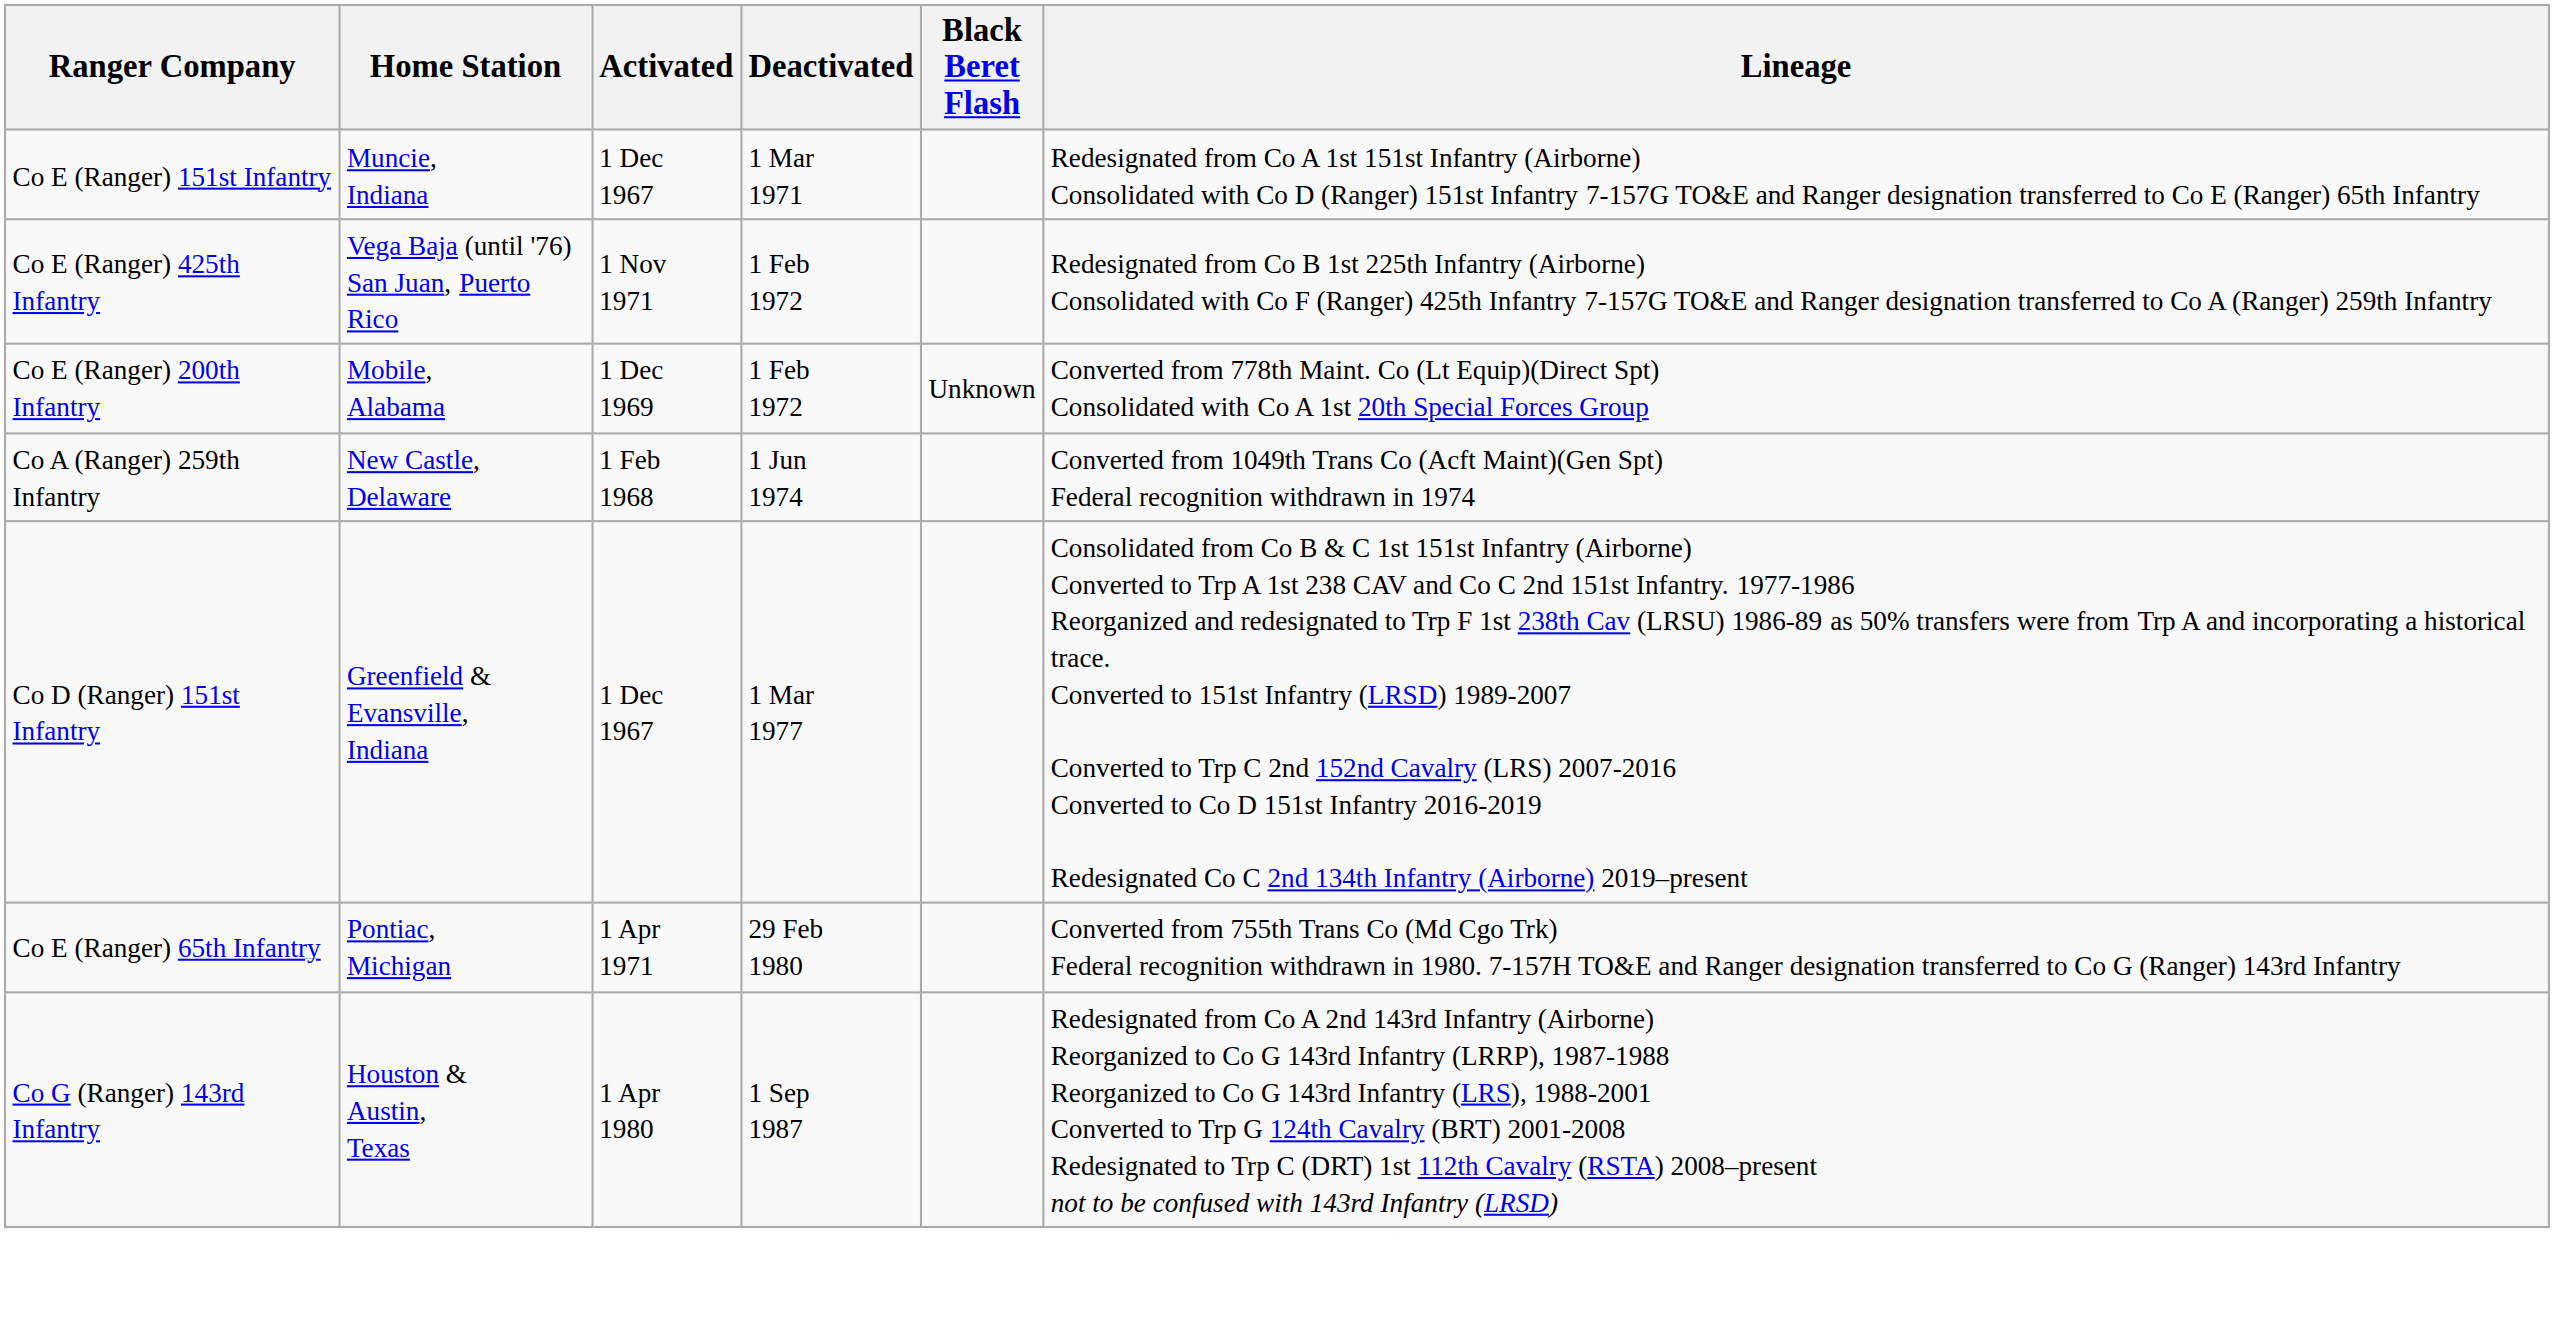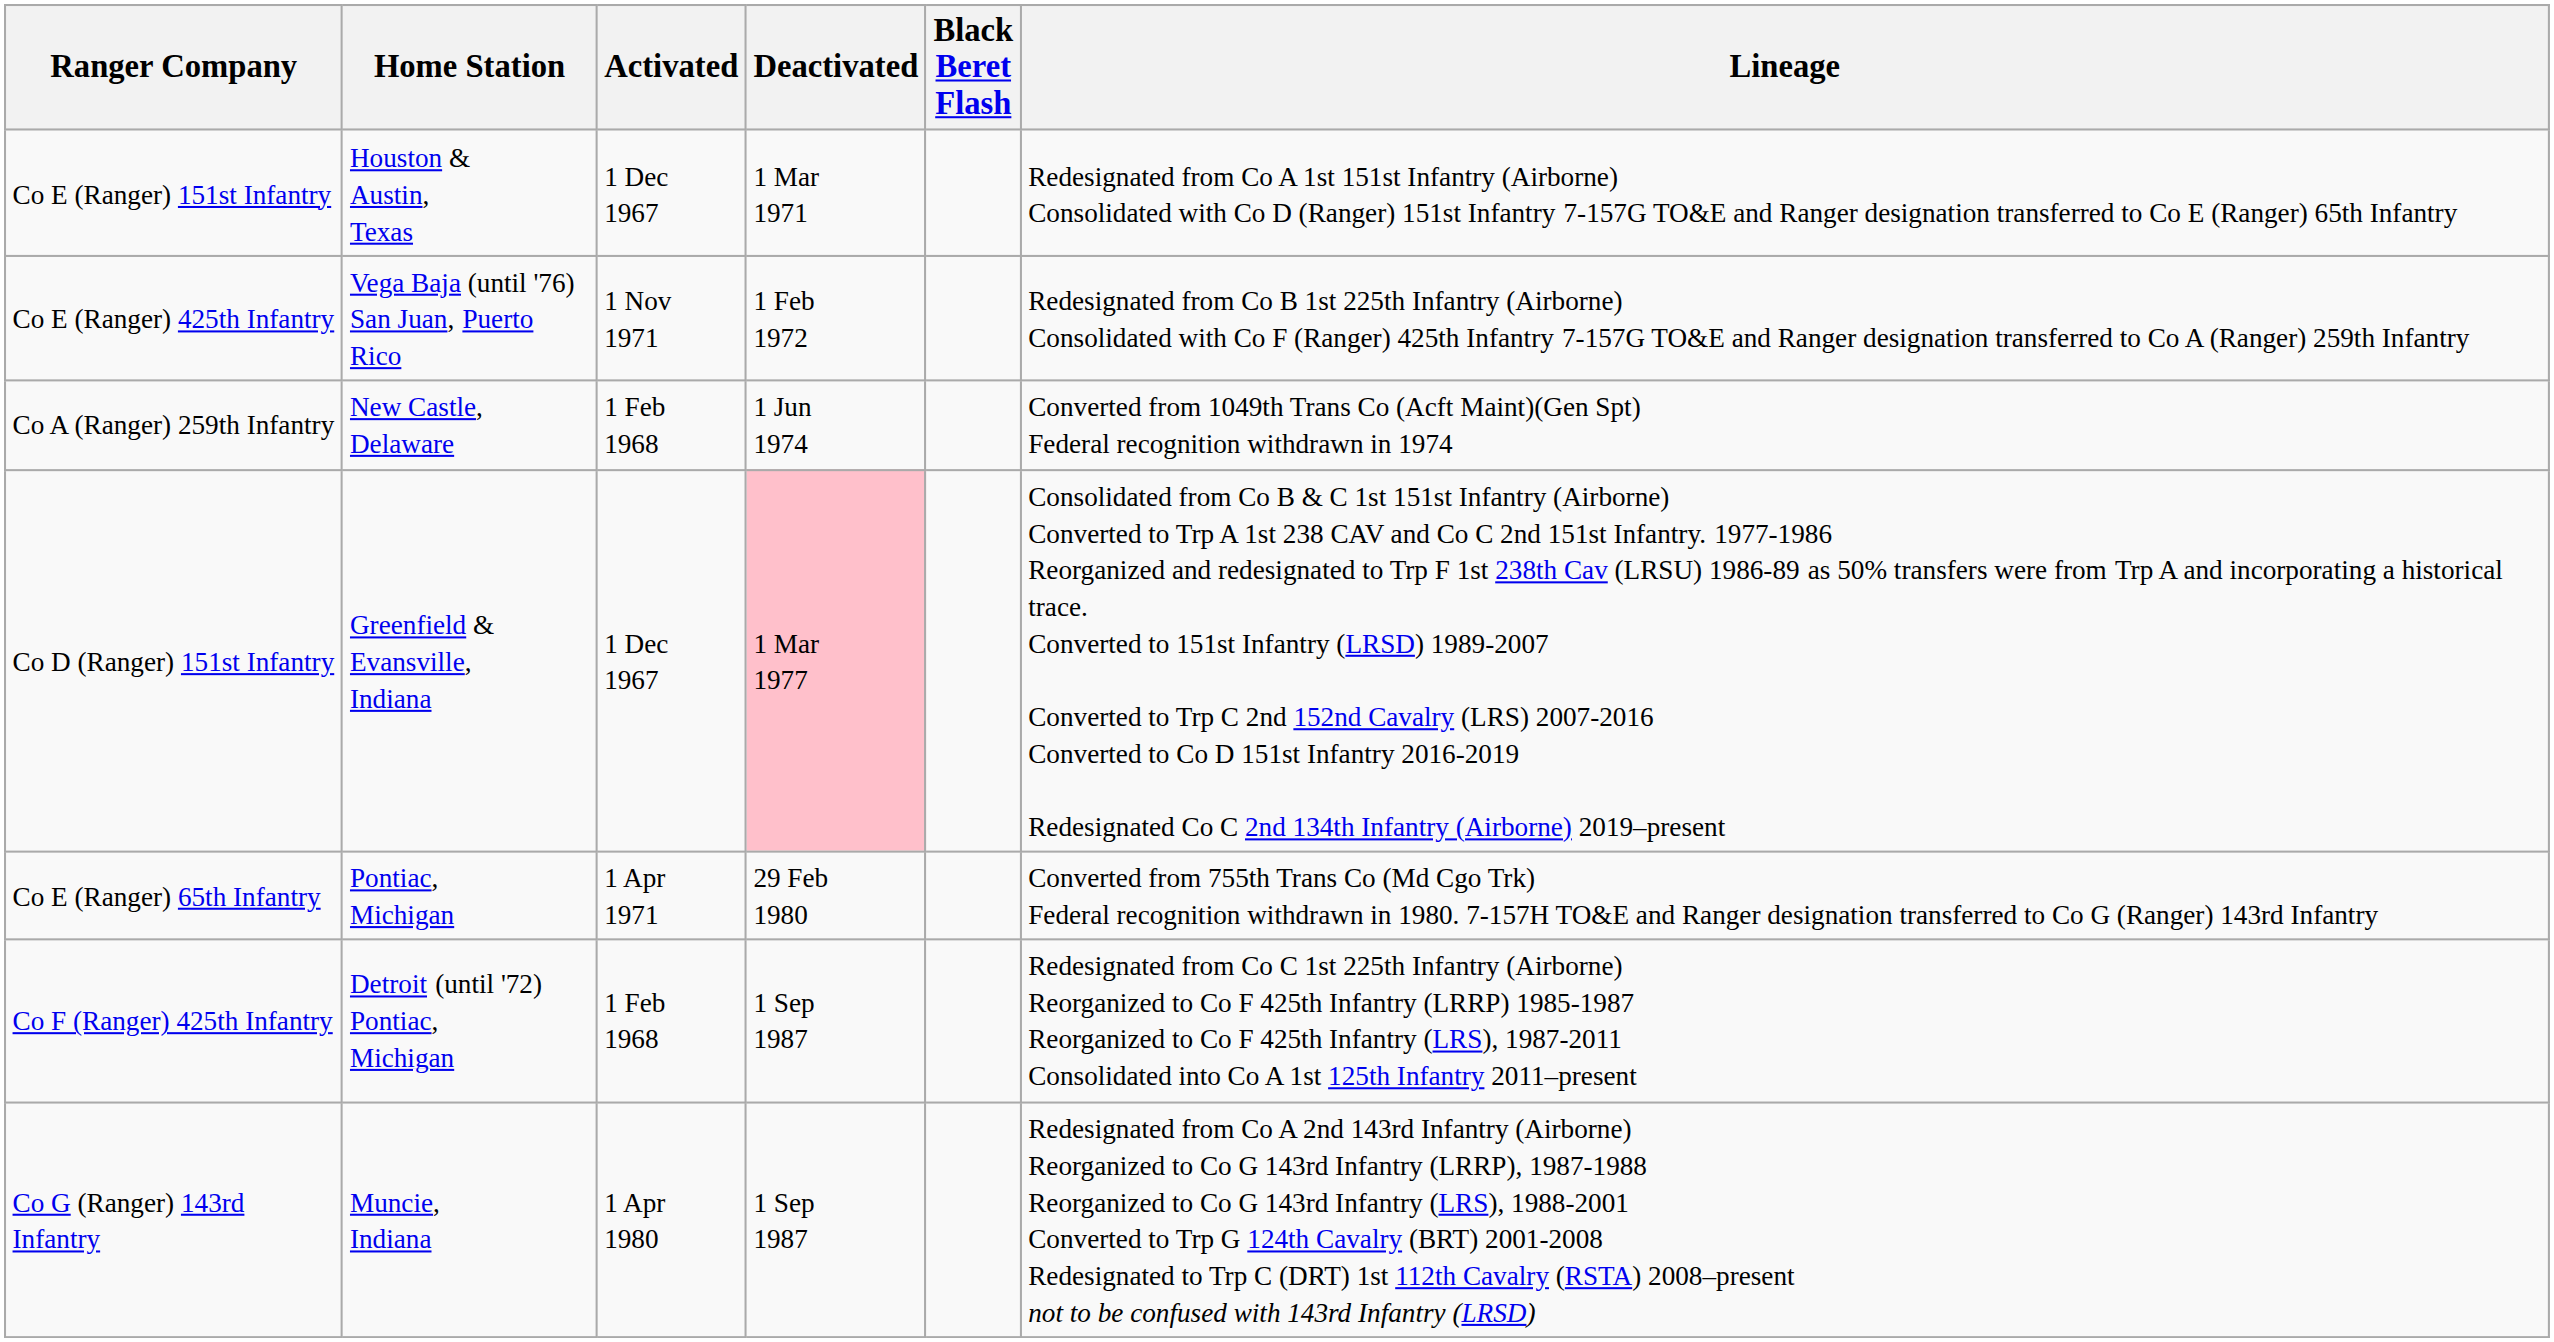 <table class="wikitable">
 <tr>
 <th>Ranger Company</th>
 <th>Home Station</th>
 <th>Activated</th>
 <th>Deactivated</th>
 <th>Black<br><a href='#'>Beret</a><br><a href='#'>Flash</a><br><small></small></th>
 <th>Lineage<small></small></th>
 </tr>
 <tr>
 <td><small>Co E (Ranger) <a href='#'>151st Infantry</a></small>      <small></small></td>
-<td><small><a href='#'>Muncie</a>,</small><br><small><a href='#'>Indiana</a></small></td>
+<td><small><a href='#'>Houston</a> &</small><br><small><a href='#'>Austin</a>,</small><br><small><a href='#'>Texas</a></small></td>
 <td><small>1 Dec</small><br><small>1967</small></td>
 <td><small>1 Mar</small><br><small>1971</small></td>
 <td></td>
 <td><small>Redesignated from Co A 1st 151st Infantry (Airborne)</small><br><small>Consolidated with Co D (Ranger) 151st Infantry</small> <small>7-157G TO&E and Ranger designation transferred to Co E (Ranger) 65th Infantry</small></td>
 </tr>
 <tr>
 <td><small>Co E (Ranger) <a href='#'>425th Infantry</a></small> <small></small></td>
 <td><small><a href='#'>Vega Baja</a> (until '76)</small><br><small><a href='#'>San Juan</a>,</small> <a href='#'><small>Puerto Rico</small></a></td>
 <td><small>1 Nov</small><br><small>1971</small></td>
 <td><small>1 Feb</small><br><small>1972</small></td>
 <td></td>
 <td><small>Redesignated from Co B 1st 225th Infantry (Airborne)</small><br><small>Consolidated with Co F (Ranger) 425th Infantry</small> <small>7-157G TO&E and Ranger designation transferred to Co A (Ranger) 259th Infantry</small></td>
 </tr>
 <tr>
-<td><small>Co E (Ranger) <a href='#'>200th Infantry</a></small> <small></small></td>
-<td><small><a href='#'>Mobile</a>,</small><br><small><a href='#'>Alabama</a></small></td>
-<td><small>1 Dec</small><br><small>1969</small></td>
-<td><small>1 Feb</small><br><small>1972</small></td>
-<td><small>Unknown</small></td>
-<td><small>Converted from 778th Maint. Co (Lt Equip)(Direct Spt)</small><br><small>Consolidated with</small> <small>Co A 1st <a href='#'>20th Special Forces Group</a></small></td>
-</tr>
-<tr>
 <td><small>Co A (Ranger) 259th Infantry</small> <small></small></td>
 <td><small><a href='#'>New Castle</a>,</small><br><small><a href='#'>Delaware</a></small></td>
 <td><small>1 Feb</small><br><small>1968</small></td>
 <td><small>1 Jun</small><br><small>1974</small></td>
 <td></td>
 <td><small>Converted from 1049th Trans Co (Acft Maint)(Gen Spt)</small><br><small>Federal recognition withdrawn in 1974</small></td>
 </tr>
 <tr>
 <td><small>Co D (Ranger) <a href='#'>151st Infantry</a></small> <small></small></td>
 <td><small><a href='#'>Greenfield</a> &</small><br><small><a href='#'>Evansville</a>,</small><br><small><a href='#'>Indiana</a></small></td>
 <td><small>1 Dec</small><br><small>1967</small></td>
-<td><small>1 Mar</small><br><small>1977</small></td>
+<td style="background: pink;"><small>1 Mar</small><br><small>1977</small></td>
 <td></td>
 <td><small>Consolidated from Co B & C 1st 151st Infantry (Airborne)</small><br><small>Converted to Trp A 1st 238 CAV and Co C 2nd 151st Infantry.</small> <small>1977-1986</small><br><small>Reorganized and redesignated to Trp F 1st <a href='#'>238th Cav</a> (LRSU) 1986-89</small><small></small> <small>as 50% transfers were from</small> <small>Trp A and incorporating a historical trace.</small><br><small>Converted to 151st Infantry (<a href='#'>LRSD</a>) 1989-2007</small><small></small>  <br><br><small>Converted to Trp C 2nd <a href='#'>152nd Cavalry</a> (LRS) 2007-2016</small><br><small>Converted to Co D 151st Infantry 2016-2019</small>  <br><br><small>Redesignated Co C <a href='#'>2nd 134th Infantry (Airborne)</a> 2019–present</small></td>
 </tr>
 <tr>
 <td><small>Co E (Ranger) <a href='#'>65th Infantry</a></small> <small></small></td>
 <td><small><a href='#'>Pontiac</a>,</small><br><small><a href='#'>Michigan</a></small></td>
 <td><small>1 Apr</small><br><small>1971</small></td>
 <td><small>29 Feb</small><br><small>1980</small></td>
 <td></td>
 <td><small>Converted from 755th Trans Co (Md Cgo Trk)</small><br><small>Federal recognition withdrawn in 1980. 7-157H TO&E and Ranger designation transferred to Co G (Ranger) 143rd Infantry</small></td>
 </tr>
 <tr>
+<td><small><a href='#'>Co F (Ranger) 425th Infantry</a></small> <small></small></td>
+<td><small><a href='#'>Detroit</a></small> <small>(until '72)</small><br><small><a href='#'>Pontiac</a>,</small><br><small><a href='#'>Michigan</a></small></td>
+<td><small>1 Feb</small><br><small>1968</small></td>
+<td><small>1 Sep</small><br><small>1987</small></td>
+<td></td>
+<td><small>Redesignated from Co C 1st 225th Infantry (Airborne)</small><br><small>Reorganized to Co F 425th Infantry (LRRP) 1985-1987</small><br><small>Reorganized to Co F 425th Infantry (<a href='#'>LRS</a>), 1987-2011</small><br><small>Consolidated into Co A 1st <a href='#'>125th Infantry</a> 2011–present</small></td>
+</tr>
+<tr>
 <td><small><a href='#'>Co G</a> (Ranger) <a href='#'>143rd Infantry</a></small> <small></small></td>
-<td><small><a href='#'>Houston</a> &</small><br><small><a href='#'>Austin</a>,</small><br><small><a href='#'>Texas</a></small></td>
+<td><small><a href='#'>Muncie</a>,</small><br><small><a href='#'>Indiana</a></small></td>
 <td><small>1 Apr</small><br><small>1980</small></td>
 <td><small>1 Sep</small><br><small>1987</small></td>
 <td></td>
 <td><small>Redesignated from Co A 2nd 143rd Infantry (Airborne)</small><br><small>Reorganized to Co G 143rd Infantry (LRRP), 1987-1988</small><br><small>Reorganized to Co G 143rd Infantry (<a href='#'>LRS</a>), 1988-2001</small><br><small>Converted to Trp G <a href='#'>124th Cavalry</a> (BRT) 2001-2008</small><br><small>Redesignated to Trp C (DRT) 1st <a href='#'>112th Cavalry</a> (<a href='#'>RSTA</a>) 2008–present</small><br><small><em>not to be confused with 143rd Infantry (<a href='#'>LRSD</a>)</em></small></td>
 </tr>
 </table>
